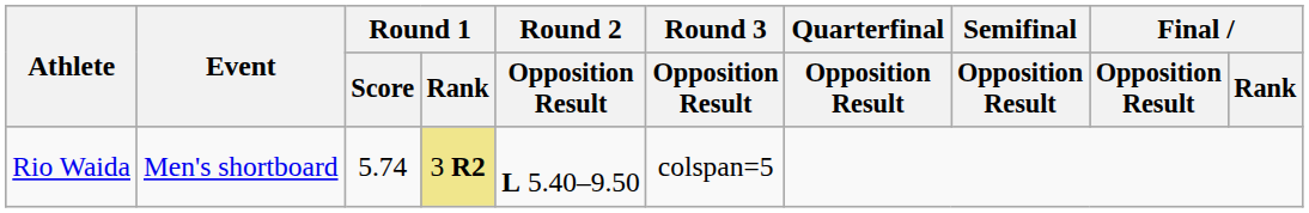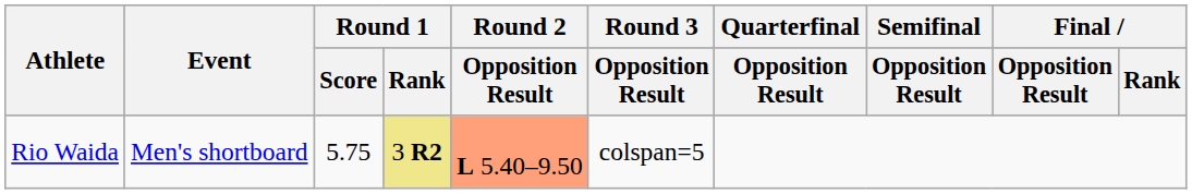 <table class=wikitable style="font-size:90%">
 <tr>
 <th rowspan=2>Athlete</th>
 <th rowspan=2>Event</th>
 <th colspan=2>Round 1</th>
 <th>Round 2</th>
 <th>Round 3</th>
 <th>Quarterfinal</th>
 <th>Semifinal</th>
 <th colspan=2>Final / </th>
 </tr>
 <tr style=font-size:95%>
 <th>Score</th>
 <th>Rank</th>
 <th>Opposition<br>Result</th>
 <th>Opposition<br>Result</th>
 <th>Opposition<br>Result</th>
 <th>Opposition<br>Result</th>
 <th>Opposition<br>Result</th>
 <th>Rank</th>
 </tr>
 <tr align=center>
 <td align=left><a href='#'>Rio Waida</a></td>
 <td align=left><a href='#'>Men's shortboard</a></td>
-<td>5.74</td>
+<td>5.75</td>
 <td style="background: khaki;">3 <strong>R2</strong></td>
-<td><br><strong>L</strong> 5.40–9.50</td>
+<td style="background: lightsalmon;"><br><strong>L</strong> 5.40–9.50</td>
 <td>colspan=5 </td>
 </tr>
 </table>
